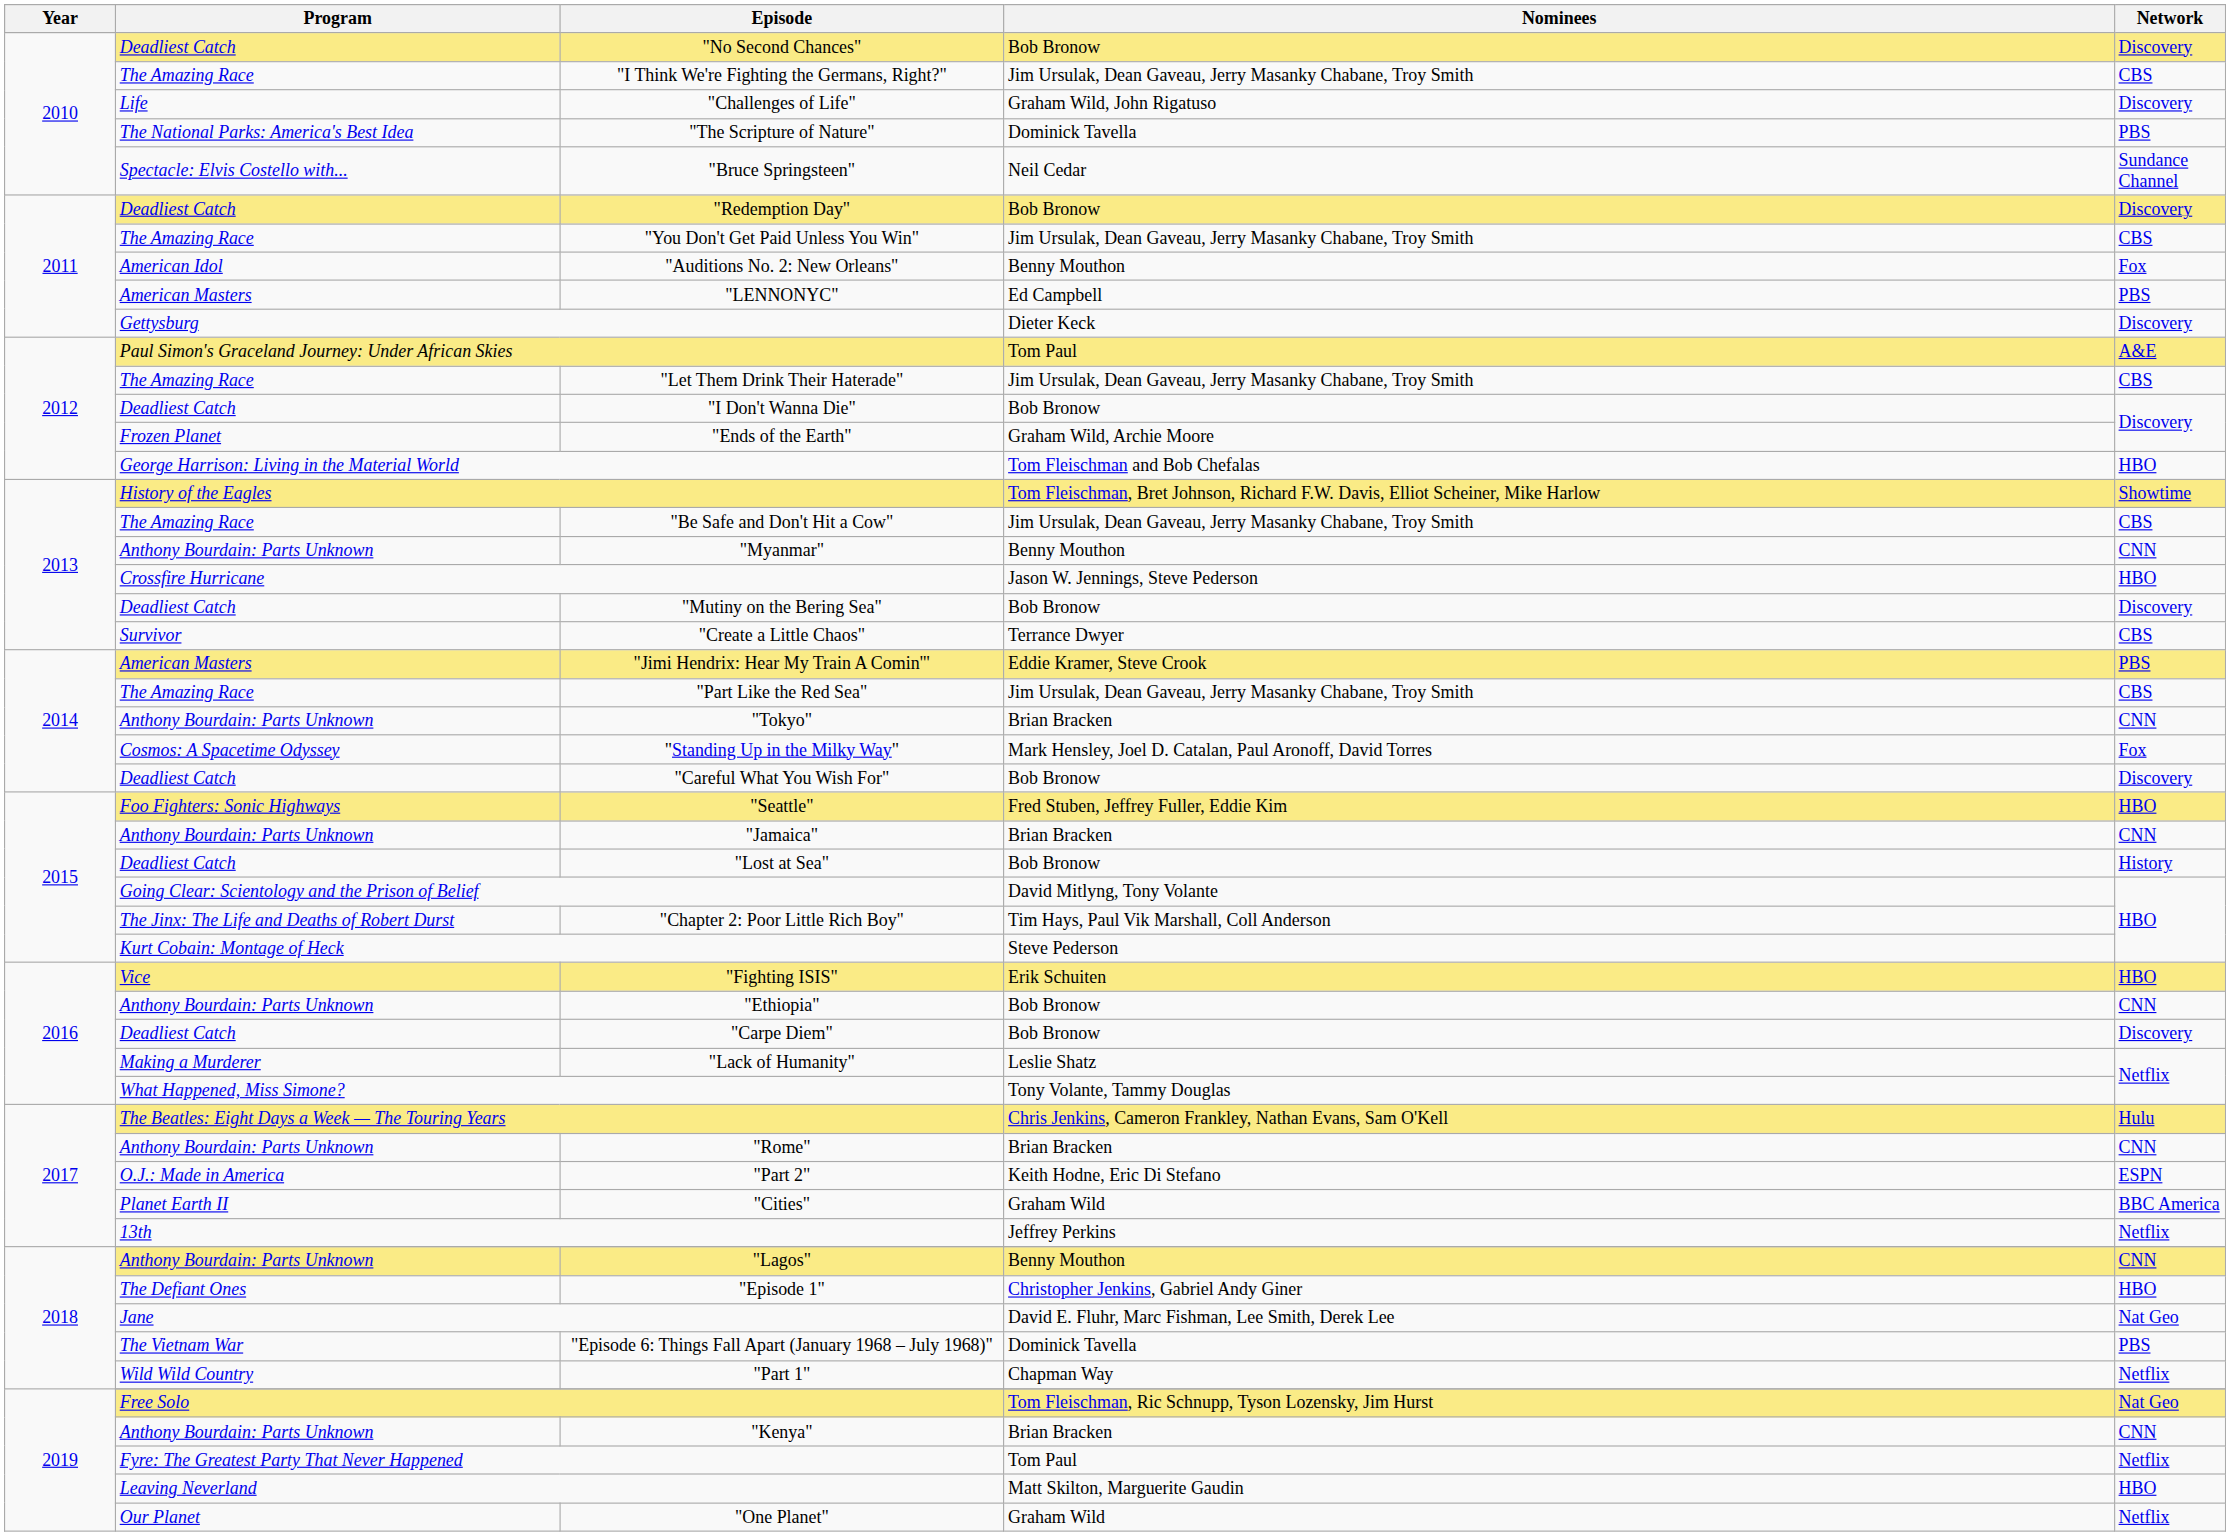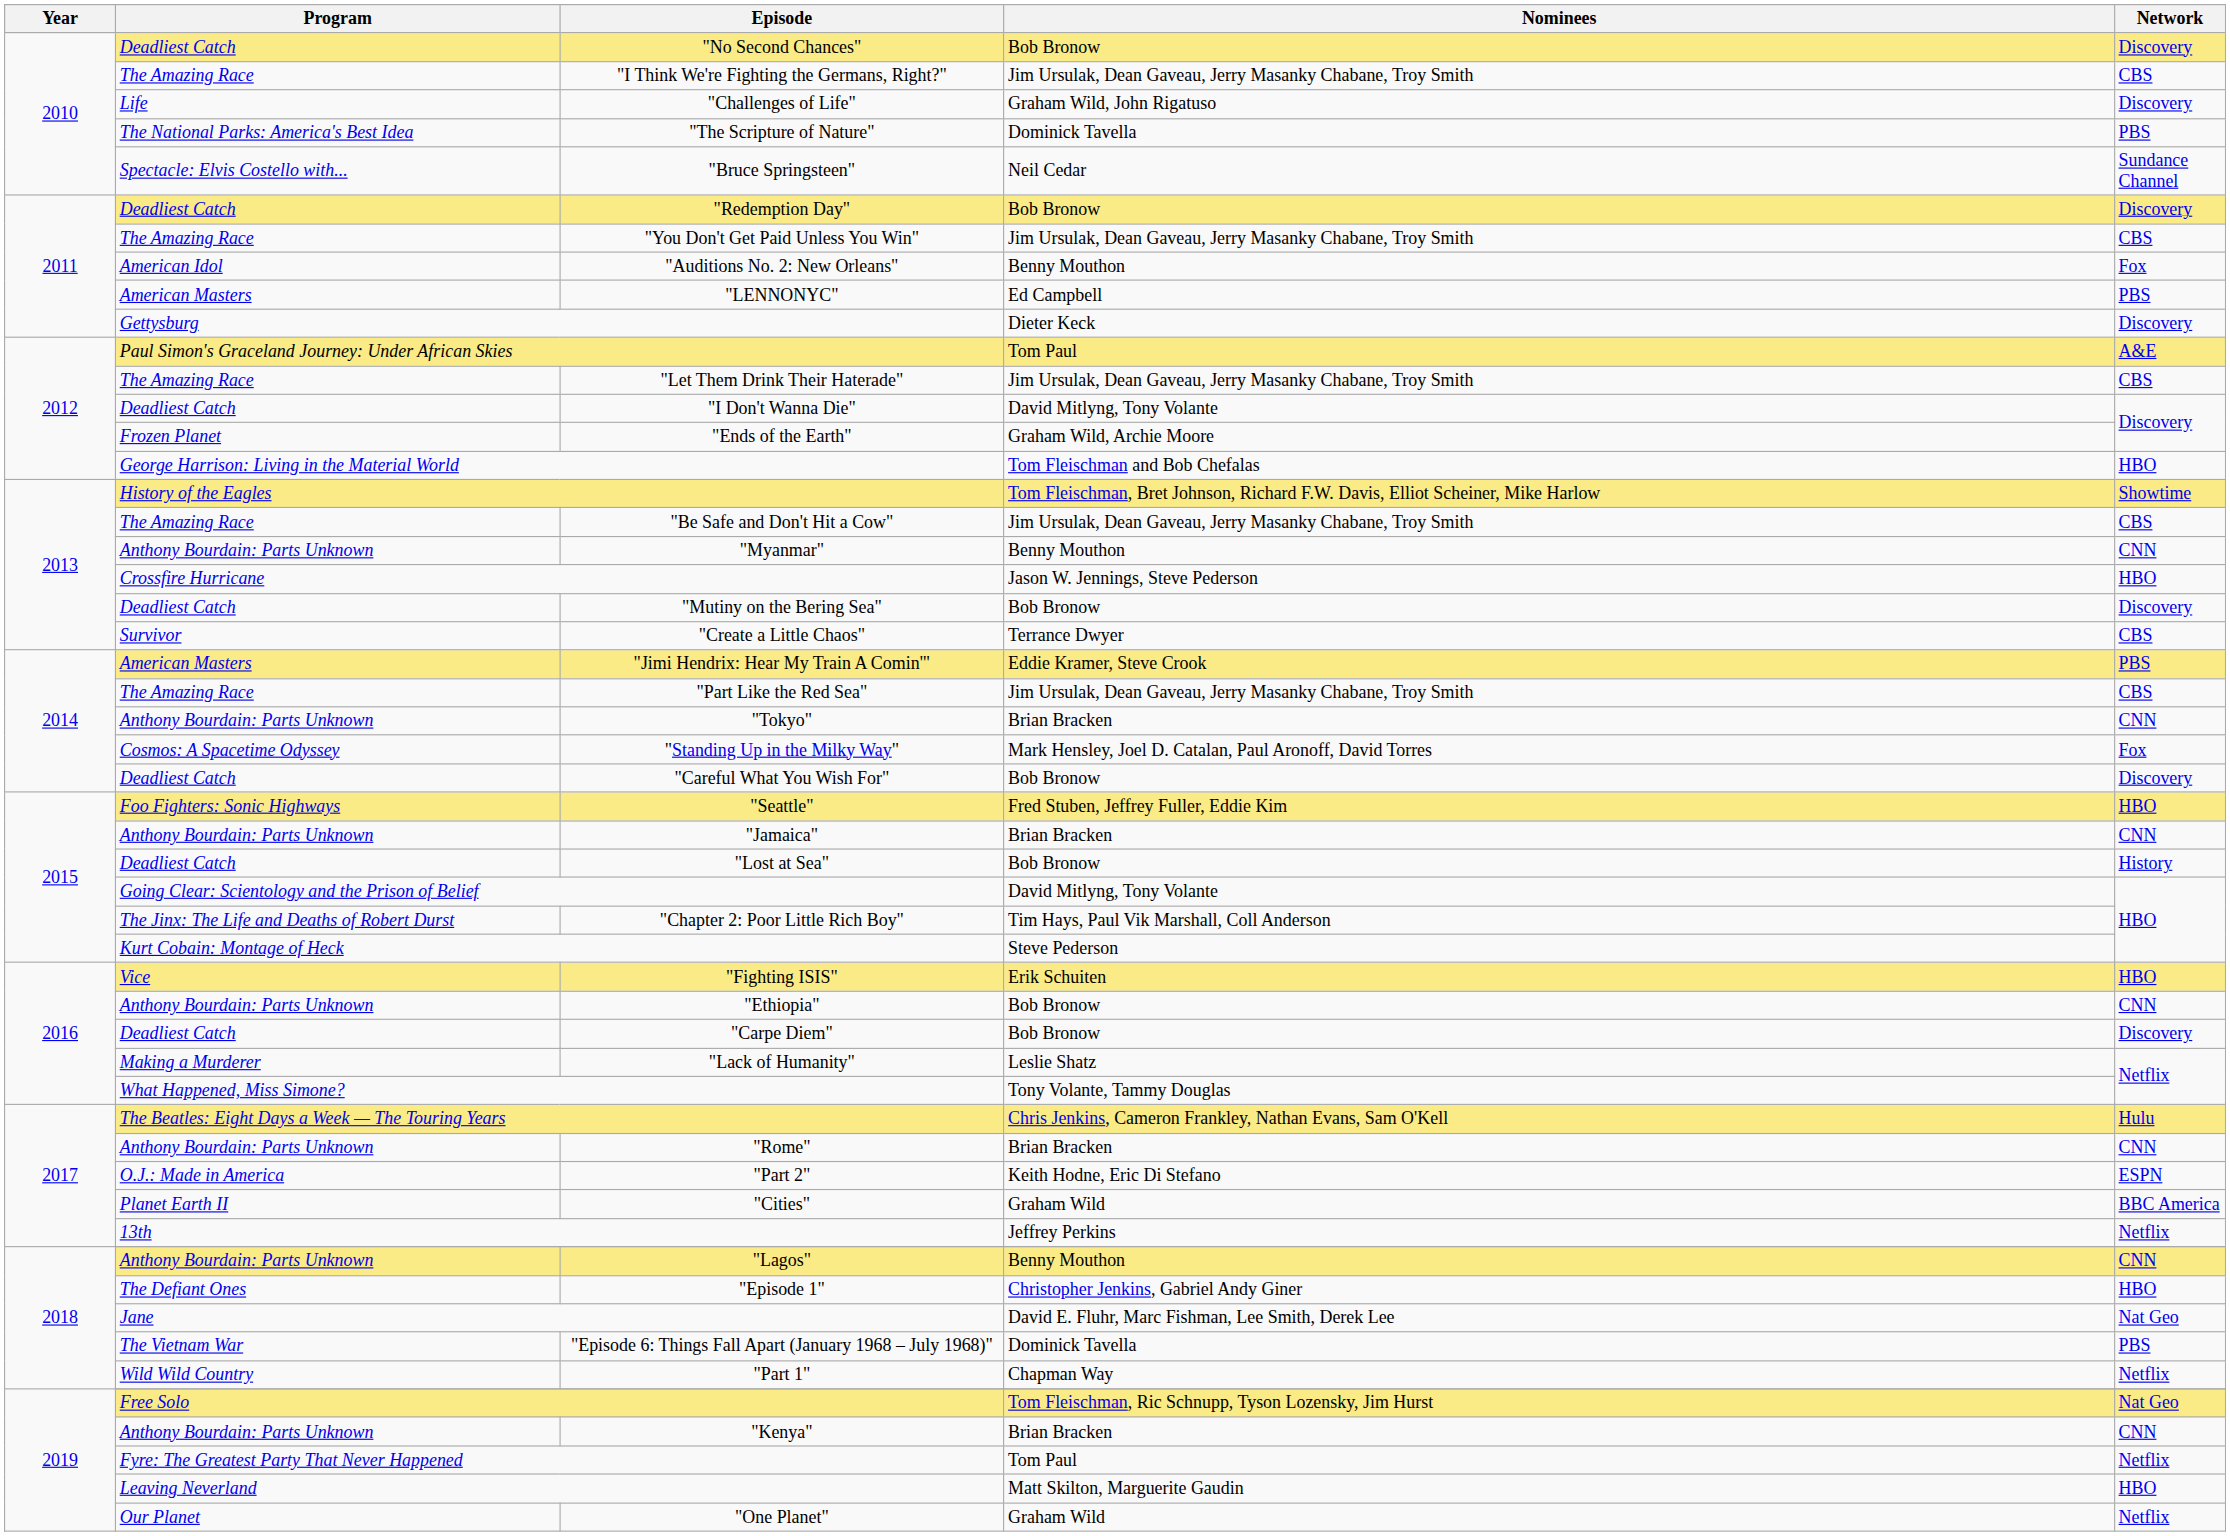 <table class="wikitable" style="width:100%">
 <tr style="background:#bebebe;">
 <th width="5%">Year</th>
 <th width="20%">Program</th>
 <th width="20%">Episode</th>
 <th width="50%">Nominees</th>
 <th width="5%">Network</th>
 </tr>
 <tr>
 <td rowspan=5 style="text-align:center;"><a href='#'>2010</a><br></td>
 <td style="background:#FAEB86;"><em><a href='#'>Deadliest Catch</a></em></td>
 <td style="background:#FAEB86;"  align=center>"No Second Chances"</td>
 <td style="background:#FAEB86;">Bob Bronow</td>
 <td style="background:#FAEB86;"><a href='#'>Discovery</a></td>
 </tr>
 <tr>
 <td><em><a href='#'>The Amazing Race</a></em></td>
 <td align=center>"I Think We're Fighting the Germans, Right?"</td>
 <td>Jim Ursulak, Dean Gaveau, Jerry Masanky Chabane, Troy Smith</td>
 <td><a href='#'>CBS</a></td>
 </tr>
 <tr>
 <td><em><a href='#'>Life</a></em></td>
 <td align=center>"Challenges of Life"</td>
 <td>Graham Wild, John Rigatuso</td>
 <td><a href='#'>Discovery</a></td>
 </tr>
 <tr>
 <td><em><a href='#'>The National Parks: America's Best Idea</a></em></td>
 <td align=center>"The Scripture of Nature"</td>
 <td>Dominick Tavella</td>
 <td><a href='#'>PBS</a></td>
 </tr>
 <tr>
 <td><em><a href='#'>Spectacle: Elvis Costello with...</a></em></td>
 <td align=center>"Bruce Springsteen"</td>
 <td>Neil Cedar</td>
 <td><a href='#'>Sundance Channel</a></td>
 </tr>
 <tr>
 <td rowspan=5 style="text-align:center;"><a href='#'>2011</a><br></td>
 <td style="background:#FAEB86;"><em><a href='#'>Deadliest Catch</a></em></td>
 <td style="background:#FAEB86;"  align=center>"Redemption Day"</td>
 <td style="background:#FAEB86;">Bob Bronow</td>
 <td style="background:#FAEB86;"><a href='#'>Discovery</a></td>
 </tr>
 <tr>
 <td><em><a href='#'>The Amazing Race</a></em></td>
 <td align=center>"You Don't Get Paid Unless You Win"</td>
 <td>Jim Ursulak, Dean Gaveau, Jerry Masanky Chabane, Troy Smith</td>
 <td><a href='#'>CBS</a></td>
 </tr>
 <tr>
 <td><em><a href='#'>American Idol</a></em></td>
 <td align=center>"Auditions No. 2: New Orleans"</td>
 <td>Benny Mouthon</td>
 <td><a href='#'>Fox</a></td>
 </tr>
 <tr>
 <td><em><a href='#'>American Masters</a></em></td>
 <td align=center>"LENNONYC"</td>
 <td>Ed Campbell</td>
 <td><a href='#'>PBS</a></td>
 </tr>
 <tr>
 <td colspan=2><em><a href='#'>Gettysburg</a></em></td>
 <td>Dieter Keck</td>
 <td><a href='#'>Discovery</a></td>
 </tr>
 <tr>
 <td rowspan=5 style="text-align:center;"><a href='#'>2012</a><br></td>
 <td style="background:#FAEB86;" colspan=2><em>Paul Simon's Graceland Journey: Under African Skies</em></td>
 <td style="background:#FAEB86;">Tom Paul</td>
 <td style="background:#FAEB86;"><a href='#'>A&E</a></td>
 </tr>
 <tr>
 <td><em><a href='#'>The Amazing Race</a></em></td>
 <td align=center>"Let Them Drink Their Haterade"</td>
 <td>Jim Ursulak, Dean Gaveau, Jerry Masanky Chabane, Troy Smith</td>
 <td><a href='#'>CBS</a></td>
 </tr>
 <tr>
 <td><em><a href='#'>Deadliest Catch</a></em></td>
 <td align=center>"I Don't Wanna Die"</td>
-<td>Bob Bronow</td>
+<td>David Mitlyng, Tony Volante</td>
 <td rowspan=2><a href='#'>Discovery</a></td>
 </tr>
 <tr>
 <td><em><a href='#'>Frozen Planet</a></em></td>
 <td align=center>"Ends of the Earth"</td>
 <td>Graham Wild, Archie Moore</td>
 </tr>
 <tr>
 <td colspan=2><em><a href='#'>George Harrison: Living in the Material World</a></em></td>
 <td><a href='#'>Tom Fleischman</a> and Bob Chefalas</td>
 <td><a href='#'>HBO</a></td>
 </tr>
 <tr>
 <td rowspan=6 style="text-align:center;"><a href='#'>2013</a><br></td>
 <td style="background:#FAEB86;" colspan=2><em><a href='#'>History of the Eagles</a></em></td>
 <td style="background:#FAEB86;"><a href='#'>Tom Fleischman</a>, Bret Johnson, Richard F.W. Davis, Elliot Scheiner, Mike Harlow</td>
 <td style="background:#FAEB86;"><a href='#'>Showtime</a></td>
 </tr>
 <tr>
 <td><em><a href='#'>The Amazing Race</a></em></td>
 <td align=center>"Be Safe and Don't Hit a Cow"</td>
 <td>Jim Ursulak, Dean Gaveau, Jerry Masanky Chabane, Troy Smith</td>
 <td><a href='#'>CBS</a></td>
 </tr>
 <tr>
 <td><em><a href='#'>Anthony Bourdain: Parts Unknown</a></em></td>
 <td align=center>"Myanmar"</td>
 <td>Benny Mouthon</td>
 <td><a href='#'>CNN</a></td>
 </tr>
 <tr>
 <td colspan=2><em><a href='#'>Crossfire Hurricane</a></em></td>
 <td>Jason W. Jennings, Steve Pederson</td>
 <td><a href='#'>HBO</a></td>
 </tr>
 <tr>
 <td><em><a href='#'>Deadliest Catch</a></em></td>
 <td align=center>"Mutiny on the Bering Sea"</td>
 <td>Bob Bronow</td>
 <td><a href='#'>Discovery</a></td>
 </tr>
 <tr>
 <td><em><a href='#'>Survivor</a></em></td>
 <td align=center>"Create a Little Chaos"</td>
 <td>Terrance Dwyer</td>
 <td><a href='#'>CBS</a></td>
 </tr>
 <tr>
 <td rowspan=5 style="text-align:center;"><a href='#'>2014</a><br></td>
 <td style="background:#FAEB86;"><em><a href='#'>American Masters</a></em></td>
 <td style="background:#FAEB86;"  align=center>"Jimi Hendrix: Hear My Train A Comin'"</td>
 <td style="background:#FAEB86;">Eddie Kramer, Steve Crook</td>
 <td style="background:#FAEB86;"><a href='#'>PBS</a></td>
 </tr>
 <tr>
 <td><em><a href='#'>The Amazing Race</a></em></td>
 <td align=center>"Part Like the Red Sea"</td>
 <td>Jim Ursulak, Dean Gaveau, Jerry Masanky Chabane, Troy Smith</td>
 <td><a href='#'>CBS</a></td>
 </tr>
 <tr>
 <td><em><a href='#'>Anthony Bourdain: Parts Unknown</a></em></td>
 <td align=center>"Tokyo"</td>
 <td>Brian Bracken</td>
 <td><a href='#'>CNN</a></td>
 </tr>
 <tr>
 <td><em><a href='#'>Cosmos: A Spacetime Odyssey</a></em></td>
 <td align=center>"<a href='#'>Standing Up in the Milky Way</a>"</td>
 <td>Mark Hensley, Joel D. Catalan, Paul Aronoff, David Torres</td>
 <td><a href='#'>Fox</a></td>
 </tr>
 <tr>
 <td><em><a href='#'>Deadliest Catch</a></em></td>
 <td align=center>"Careful What You Wish For"</td>
 <td>Bob Bronow</td>
 <td><a href='#'>Discovery</a></td>
 </tr>
 <tr>
 <td rowspan=6 style="text-align:center;"><a href='#'>2015</a><br></td>
 <td style="background:#FAEB86;"><em><a href='#'>Foo Fighters: Sonic Highways</a></em></td>
 <td style="background:#FAEB86;"  align=center>"Seattle"</td>
 <td style="background:#FAEB86;">Fred Stuben, Jeffrey Fuller, Eddie Kim</td>
 <td style="background:#FAEB86;"><a href='#'>HBO</a></td>
 </tr>
 <tr>
 <td><em><a href='#'>Anthony Bourdain: Parts Unknown</a></em></td>
 <td align=center>"Jamaica"</td>
 <td>Brian Bracken</td>
 <td><a href='#'>CNN</a></td>
 </tr>
 <tr>
 <td><em><a href='#'>Deadliest Catch</a></em></td>
 <td align=center>"Lost at Sea"</td>
 <td>Bob Bronow</td>
 <td><a href='#'>History</a></td>
 </tr>
 <tr>
 <td colspan=2><em><a href='#'>Going Clear: Scientology and the Prison of Belief</a></em></td>
 <td>David Mitlyng, Tony Volante</td>
 <td rowspan=3><a href='#'>HBO</a></td>
 </tr>
 <tr>
 <td><em><a href='#'>The Jinx: The Life and Deaths of Robert Durst</a></em></td>
 <td align=center>"Chapter 2: Poor Little Rich Boy"</td>
 <td>Tim Hays, Paul Vik Marshall, Coll Anderson</td>
 </tr>
 <tr>
 <td colspan=2><em><a href='#'>Kurt Cobain: Montage of Heck</a></em></td>
 <td>Steve Pederson</td>
 </tr>
 <tr>
 <td rowspan=5 style="text-align:center;"><a href='#'>2016</a><br></td>
 <td style="background:#FAEB86;"><em><a href='#'>Vice</a></em></td>
 <td style="background:#FAEB86;"  align=center>"Fighting ISIS"</td>
 <td style="background:#FAEB86;">Erik Schuiten</td>
 <td style="background:#FAEB86;"><a href='#'>HBO</a></td>
 </tr>
 <tr>
 <td><em><a href='#'>Anthony Bourdain: Parts Unknown</a></em></td>
 <td align=center>"Ethiopia"</td>
 <td>Bob Bronow</td>
 <td><a href='#'>CNN</a></td>
 </tr>
 <tr>
 <td><em><a href='#'>Deadliest Catch</a></em></td>
 <td align=center>"Carpe Diem"</td>
 <td>Bob Bronow</td>
 <td><a href='#'>Discovery</a></td>
 </tr>
 <tr>
 <td><em><a href='#'>Making a Murderer</a></em></td>
 <td align=center>"Lack of Humanity"</td>
 <td>Leslie Shatz</td>
 <td rowspan=2><a href='#'>Netflix</a></td>
 </tr>
 <tr>
 <td colspan=2><em><a href='#'>What Happened, Miss Simone?</a></em></td>
 <td>Tony Volante, Tammy Douglas</td>
 </tr>
 <tr>
 <td rowspan=5 style="text-align:center;"><a href='#'>2017</a><br></td>
 <td style="background:#FAEB86;" colspan=2><em><a href='#'>The Beatles: Eight Days a Week — The Touring Years</a></em></td>
 <td style="background:#FAEB86;"><a href='#'>Chris Jenkins</a>, Cameron Frankley, Nathan Evans, Sam O'Kell</td>
 <td style="background:#FAEB86;"><a href='#'>Hulu</a></td>
 </tr>
 <tr>
 <td><em><a href='#'>Anthony Bourdain: Parts Unknown</a></em></td>
 <td align=center>"Rome"</td>
 <td>Brian Bracken</td>
 <td><a href='#'>CNN</a></td>
 </tr>
 <tr>
 <td><em><a href='#'>O.J.: Made in America</a></em></td>
 <td align=center>"Part 2"</td>
 <td>Keith Hodne, Eric Di Stefano</td>
 <td><a href='#'>ESPN</a></td>
 </tr>
 <tr>
 <td><em><a href='#'>Planet Earth II</a></em></td>
 <td align=center>"Cities"</td>
 <td>Graham Wild</td>
 <td><a href='#'>BBC America</a></td>
 </tr>
 <tr>
 <td colspan=2><em><a href='#'>13th</a></em></td>
 <td>Jeffrey Perkins</td>
 <td><a href='#'>Netflix</a></td>
 </tr>
 <tr>
 <td rowspan=6 style="text-align:center;"><a href='#'>2018</a><br></td>
 </tr>
 <tr style="background:#FAEB86;">
 <td><em><a href='#'>Anthony Bourdain: Parts Unknown</a></em></td>
 <td align=center>"Lagos"</td>
 <td>Benny Mouthon</td>
 <td><a href='#'>CNN</a></td>
 </tr>
 <tr>
 <td><em><a href='#'>The Defiant Ones</a></em></td>
 <td align=center>"Episode 1"</td>
 <td><a href='#'>Christopher Jenkins</a>, Gabriel Andy Giner</td>
 <td><a href='#'>HBO</a></td>
 </tr>
 <tr>
 <td colspan=2><em><a href='#'>Jane</a></em></td>
 <td>David E. Fluhr, Marc Fishman, Lee Smith, Derek Lee</td>
 <td><a href='#'>Nat Geo</a></td>
 </tr>
 <tr>
 <td><em><a href='#'>The Vietnam War</a></em></td>
 <td align=center>"Episode 6: Things Fall Apart (January 1968 – July 1968)"</td>
 <td>Dominick Tavella</td>
 <td><a href='#'>PBS</a></td>
 </tr>
 <tr>
 <td><em><a href='#'>Wild Wild Country</a></em></td>
 <td align=center>"Part 1"</td>
 <td>Chapman Way</td>
 <td><a href='#'>Netflix</a></td>
 </tr>
 <tr>
 <td rowspan=6 style="text-align:center;"><a href='#'>2019</a><br></td>
 </tr>
 <tr style="background:#FAEB86;">
 <td colspan="2"><em><a href='#'>Free Solo</a></em></td>
 <td><a href='#'>Tom Fleischman</a>, Ric Schnupp, Tyson Lozensky, Jim Hurst</td>
 <td><a href='#'>Nat Geo</a></td>
 </tr>
 <tr>
 <td><em><a href='#'>Anthony Bourdain: Parts Unknown</a></em></td>
 <td align=center>"Kenya"</td>
 <td>Brian Bracken</td>
 <td><a href='#'>CNN</a></td>
 </tr>
 <tr>
 <td colspan="2"><em><a href='#'>Fyre: The Greatest Party That Never Happened</a></em></td>
 <td>Tom Paul</td>
 <td><a href='#'>Netflix</a></td>
 </tr>
 <tr>
 <td colspan="2"><em><a href='#'>Leaving Neverland</a></em></td>
 <td>Matt Skilton, Marguerite Gaudin</td>
 <td><a href='#'>HBO</a></td>
 </tr>
 <tr>
 <td><em><a href='#'>Our Planet</a></em></td>
 <td align=center>"One Planet"</td>
 <td>Graham Wild</td>
 <td><a href='#'>Netflix</a></td>
 </tr>
 </table>
